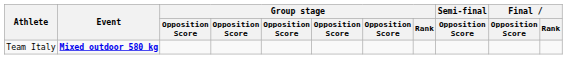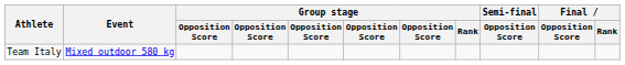 <table class="wikitable" style="font-size:90%">
 <tr>
 <th rowspan=2>Athlete</th>
 <th rowspan=2>Event</th>
 <th colspan=6>Group stage</th>
 <th>Semi-final</th>
 <th colspan=2>Final / </th>
 </tr>
 <tr style="font-size:95%">
 <th>Opposition<br>Score</th>
 <th>Opposition<br>Score</th>
 <th>Opposition<br>Score</th>
 <th>Opposition<br>Score</th>
 <th>Opposition<br>Score</th>
 <th>Rank</th>
 <th>Opposition<br>Score</th>
 <th>Opposition<br>Score</th>
 <th>Rank</th>
 </tr>
 <tr align=center>
 <td align=left>Team Italy</td>
-<td align=left><strong><a href='#'>Mixed outdoor 580 kg</a></strong></td>
+<td align=left><a href='#'>Mixed outdoor 580 kg</a></td>
 <td></td>
 <td></td>
 <td></td>
 <td></td>
 <td></td>
 <td></td>
 <td></td>
 <td></td>
 <td></td>
 </tr>
 </table>
